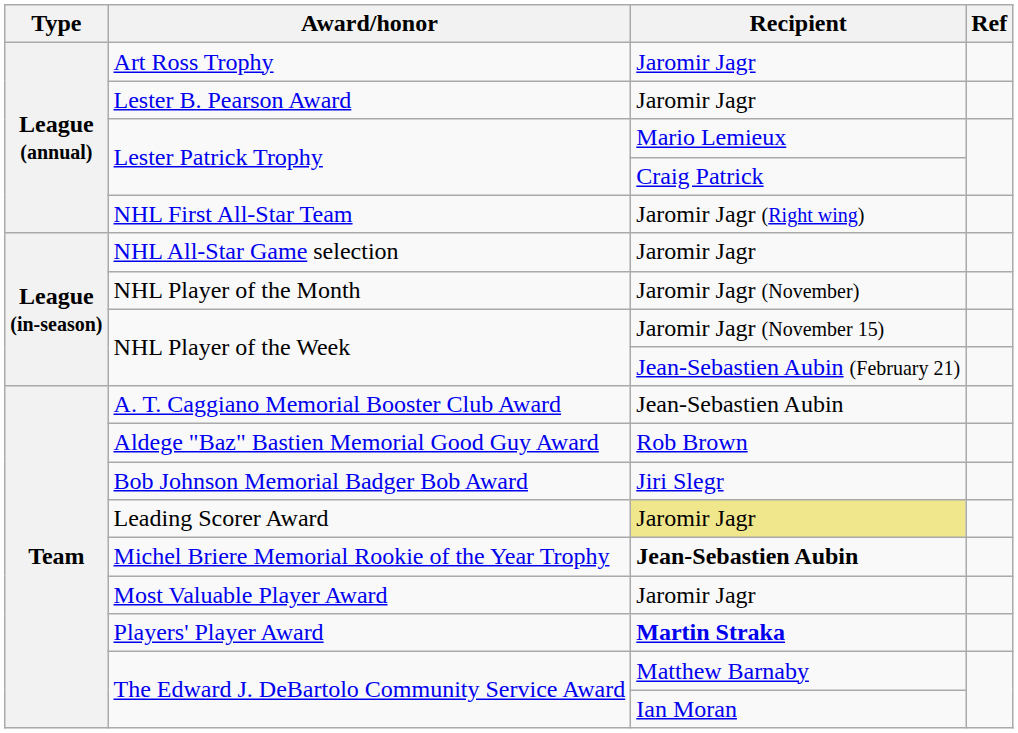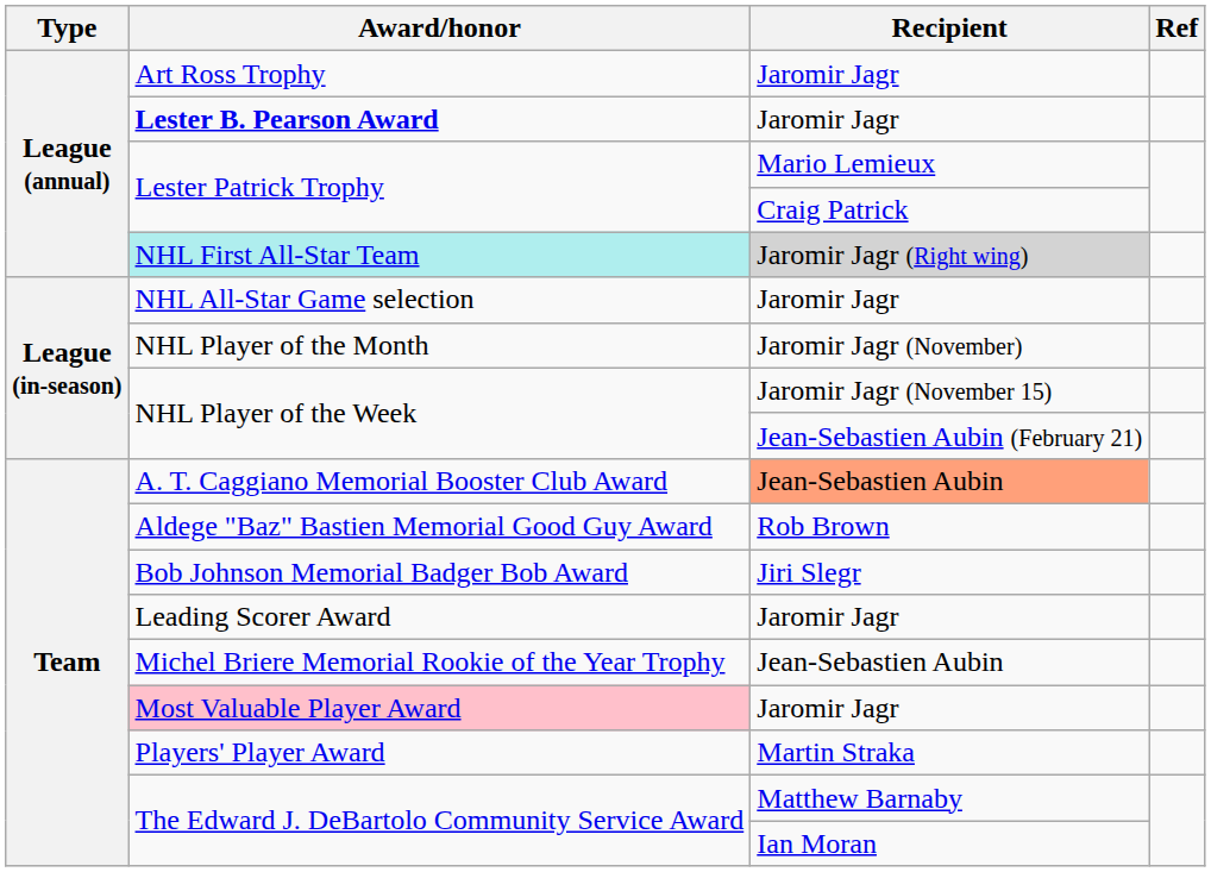 <table class="wikitable">
 <tr>
 <th scope="col">Type</th>
 <th scope="col">Award/honor</th>
 <th scope="col">Recipient</th>
 <th scope="col">Ref</th>
 </tr>
 <tr>
 <th scope="row" rowspan="5">League<br><small>(annual)</small></th>
 <td><a href='#'>Art Ross Trophy</a></td>
 <td><a href='#'>Jaromir Jagr</a></td>
 <td></td>
 </tr>
 <tr>
-<td><a href='#'>Lester B. Pearson Award</a></td>
+<td><strong><a href='#'>Lester B. Pearson Award</a></strong></td>
 <td>Jaromir Jagr</td>
 <td></td>
 </tr>
 <tr>
 <td rowspan=2><a href='#'>Lester Patrick Trophy</a></td>
 <td><a href='#'>Mario Lemieux</a></td>
 <td rowspan=2></td>
 </tr>
 <tr>
 <td><a href='#'>Craig Patrick</a></td>
 </tr>
 <tr>
-<td><a href='#'>NHL First All-Star Team</a></td>
-<td>Jaromir Jagr <small>(<a href='#'>Right wing</a>)</small></td>
+<td style="background: paleturquoise;"><a href='#'>NHL First All-Star Team</a></td>
+<td style="background: lightgrey;">Jaromir Jagr <small>(<a href='#'>Right wing</a>)</small></td>
 <td></td>
 </tr>
 <tr>
 <th scope="row" rowspan="4">League<br><small>(in-season)</small></th>
 <td><a href='#'>NHL All-Star Game</a> selection</td>
 <td>Jaromir Jagr</td>
 <td></td>
 </tr>
 <tr>
 <td>NHL Player of the Month</td>
 <td>Jaromir Jagr <small>(November)</small></td>
 <td></td>
 </tr>
 <tr>
 <td rowspan="2">NHL Player of the Week</td>
 <td>Jaromir Jagr <small>(November 15)</small></td>
 <td></td>
 </tr>
 <tr>
 <td><a href='#'>Jean-Sebastien Aubin</a> <small>(February 21)</small></td>
 <td></td>
 </tr>
 <tr>
 <th scope="row" rowspan="9">Team</th>
 <td><a href='#'>A. T. Caggiano Memorial Booster Club Award</a></td>
-<td>Jean-Sebastien Aubin</td>
+<td style="background: lightsalmon;">Jean-Sebastien Aubin</td>
 <td></td>
 </tr>
 <tr>
 <td><a href='#'>Aldege "Baz" Bastien Memorial Good Guy Award</a></td>
 <td><a href='#'>Rob Brown</a></td>
 <td></td>
 </tr>
 <tr>
 <td><a href='#'>Bob Johnson Memorial Badger Bob Award</a></td>
 <td><a href='#'>Jiri Slegr</a></td>
 <td></td>
 </tr>
 <tr>
 <td>Leading Scorer Award</td>
-<td style="background: khaki;">Jaromir Jagr</td>
+<td>Jaromir Jagr</td>
 <td></td>
 </tr>
 <tr>
 <td><a href='#'>Michel Briere Memorial Rookie of the Year Trophy</a></td>
-<td><strong>Jean-Sebastien Aubin</strong></td>
+<td>Jean-Sebastien Aubin</td>
 <td></td>
 </tr>
 <tr>
-<td><a href='#'>Most Valuable Player Award</a></td>
+<td style="background: pink;"><a href='#'>Most Valuable Player Award</a></td>
 <td>Jaromir Jagr</td>
 <td></td>
 </tr>
 <tr>
 <td><a href='#'>Players' Player Award</a></td>
-<td><strong><a href='#'>Martin Straka</a></strong></td>
+<td><a href='#'>Martin Straka</a></td>
 <td></td>
 </tr>
 <tr>
 <td rowspan=2><a href='#'>The Edward J. DeBartolo Community Service Award</a></td>
 <td><a href='#'>Matthew Barnaby</a></td>
 <td rowspan=2></td>
 </tr>
 <tr>
 <td><a href='#'>Ian Moran</a></td>
 </tr>
 </table>
